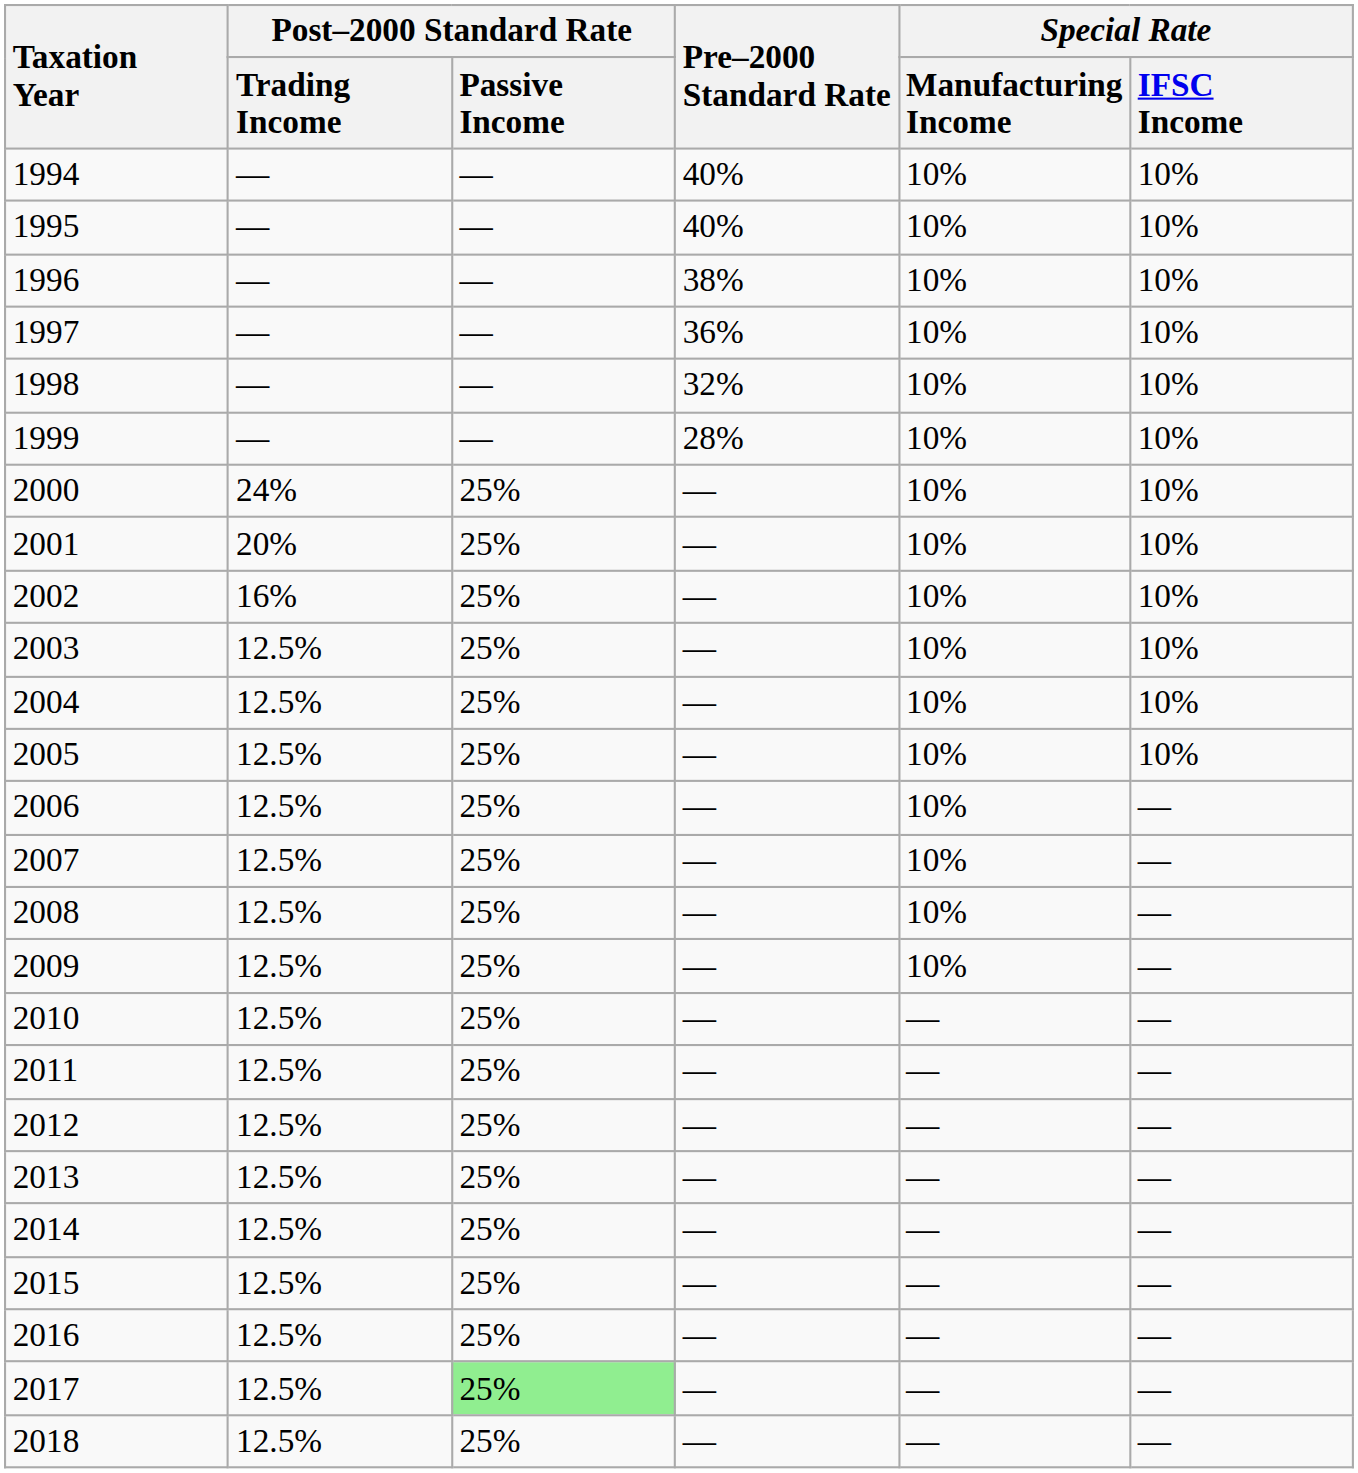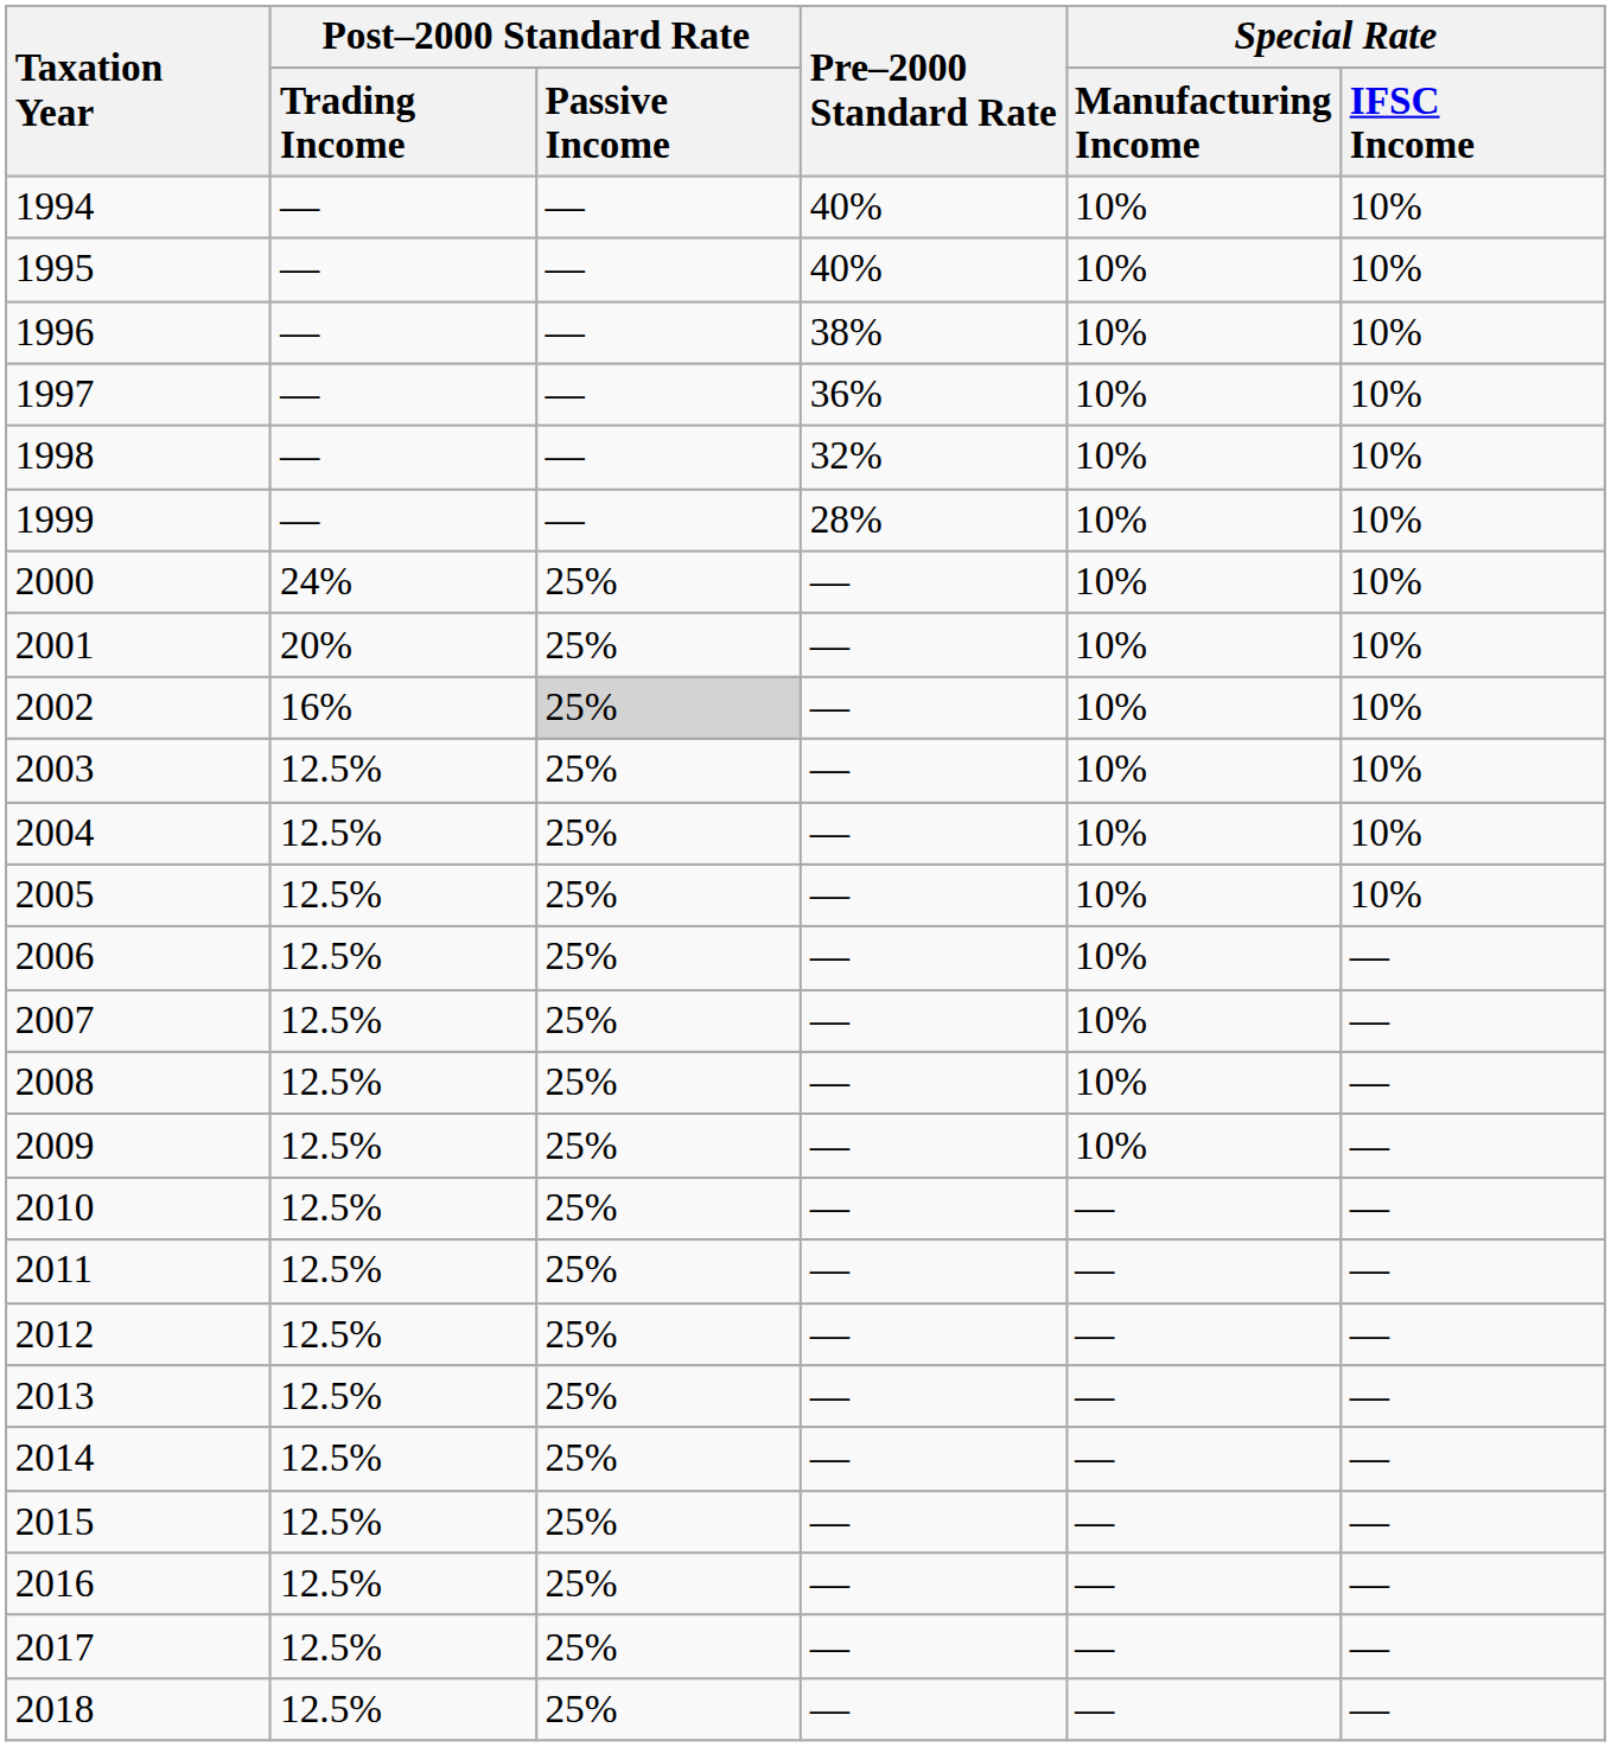 <table class="wikitable" style="text-align:left">
 <tr>
 <th rowspan="2" style="width:100px;text-align:left">Taxation<br>Year</th>
 <th colspan="2" style="width:100px;text-align:centre">Post–2000 Standard Rate</th>
 <th rowspan="2" style="width:100px;text-align:left">Pre–2000<br>Standard Rate</th>
 <th colspan="2" style="width:100px;text-align:centre"><em>Special Rate</em></th>
 </tr>
 <tr>
 <th style="width:100px;text-align:left">Trading<br>Income</th>
 <th style="width:100px;text-align:left">Passive<br>Income</th>
 <th style="width:100px;text-align:left">Manufacturing<br>Income</th>
 <th style="width:100px;text-align:left"><a href='#'>IFSC</a><br>Income</th>
 </tr>
 <tr>
 <td>1994</td>
 <td>—</td>
 <td>—</td>
 <td>40%</td>
 <td>10%</td>
 <td>10%</td>
 </tr>
 <tr>
 <td>1995</td>
 <td>—</td>
 <td>—</td>
 <td>40%</td>
 <td>10%</td>
 <td>10%</td>
 </tr>
 <tr>
 <td>1996</td>
 <td>—</td>
 <td>—</td>
 <td>38%</td>
 <td>10%</td>
 <td>10%</td>
 </tr>
 <tr>
 <td>1997</td>
 <td>—</td>
 <td>—</td>
 <td>36%</td>
 <td>10%</td>
 <td>10%</td>
 </tr>
 <tr>
 <td>1998</td>
 <td>—</td>
 <td>—</td>
 <td>32%</td>
 <td>10%</td>
 <td>10%</td>
 </tr>
 <tr>
 <td>1999</td>
 <td>—</td>
 <td>—</td>
 <td>28%</td>
 <td>10%</td>
 <td>10%</td>
 </tr>
 <tr>
 <td>2000</td>
 <td>24%</td>
 <td>25%</td>
 <td>—</td>
 <td>10%</td>
 <td>10%</td>
 </tr>
 <tr>
 <td>2001</td>
 <td>20%</td>
 <td>25%</td>
 <td>—</td>
 <td>10%</td>
 <td>10%</td>
 </tr>
 <tr>
 <td>2002</td>
 <td>16%</td>
-<td>25%</td>
+<td style="background: lightgrey;">25%</td>
 <td>—</td>
 <td>10%</td>
 <td>10%</td>
 </tr>
 <tr>
 <td>2003</td>
 <td>12.5%</td>
 <td>25%</td>
 <td>—</td>
 <td>10%</td>
 <td>10%</td>
 </tr>
 <tr>
 <td>2004</td>
 <td>12.5%</td>
 <td>25%</td>
 <td>—</td>
 <td>10%</td>
 <td>10%</td>
 </tr>
 <tr>
 <td>2005</td>
 <td>12.5%</td>
 <td>25%</td>
 <td>—</td>
 <td>10%</td>
 <td>10%</td>
 </tr>
 <tr>
 <td>2006</td>
 <td>12.5%</td>
 <td>25%</td>
 <td>—</td>
 <td>10%</td>
 <td>—</td>
 </tr>
 <tr>
 <td>2007</td>
 <td>12.5%</td>
 <td>25%</td>
 <td>—</td>
 <td>10%</td>
 <td>—</td>
 </tr>
 <tr>
 <td>2008</td>
 <td>12.5%</td>
 <td>25%</td>
 <td>—</td>
 <td>10%</td>
 <td>—</td>
 </tr>
 <tr>
 <td>2009</td>
 <td>12.5%</td>
 <td>25%</td>
 <td>—</td>
 <td>10%</td>
 <td>—</td>
 </tr>
 <tr>
 <td>2010</td>
 <td>12.5%</td>
 <td>25%</td>
 <td>—</td>
 <td>—</td>
 <td>—</td>
 </tr>
 <tr>
 <td>2011</td>
 <td>12.5%</td>
 <td>25%</td>
 <td>—</td>
 <td>—</td>
 <td>—</td>
 </tr>
 <tr>
 <td>2012</td>
 <td>12.5%</td>
 <td>25%</td>
 <td>—</td>
 <td>—</td>
 <td>—</td>
 </tr>
 <tr>
 <td>2013</td>
 <td>12.5%</td>
 <td>25%</td>
 <td>—</td>
 <td>—</td>
 <td>—</td>
 </tr>
 <tr>
 <td>2014</td>
 <td>12.5%</td>
 <td>25%</td>
 <td>—</td>
 <td>—</td>
 <td>—</td>
 </tr>
 <tr>
 <td>2015</td>
 <td>12.5%</td>
 <td>25%</td>
 <td>—</td>
 <td>—</td>
 <td>—</td>
 </tr>
 <tr>
 <td>2016</td>
 <td>12.5%</td>
 <td>25%</td>
 <td>—</td>
 <td>—</td>
 <td>—</td>
 </tr>
 <tr>
 <td>2017</td>
 <td>12.5%</td>
-<td style="background: lightgreen;">25%</td>
+<td>25%</td>
 <td>—</td>
 <td>—</td>
 <td>—</td>
 </tr>
 <tr>
 <td>2018</td>
 <td>12.5%</td>
 <td>25%</td>
 <td>—</td>
 <td>—</td>
 <td>—</td>
 </tr>
 </table>
